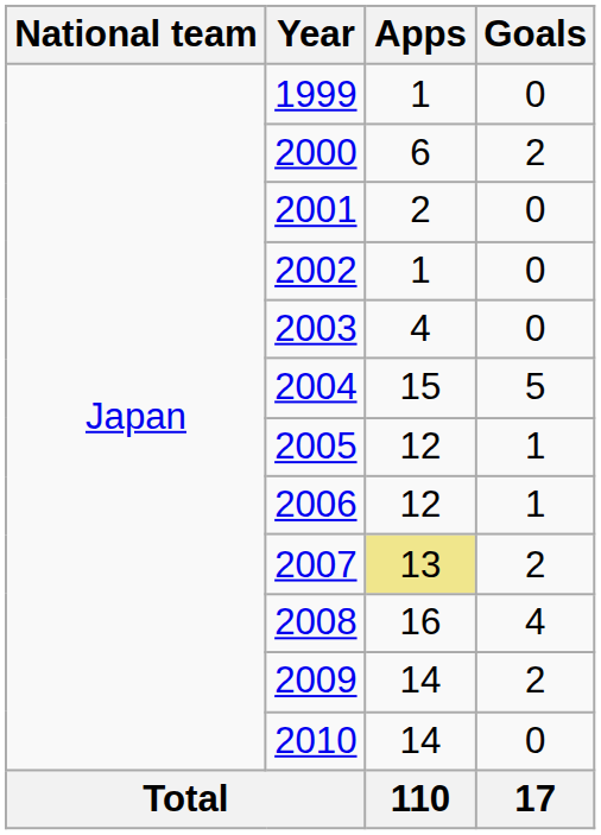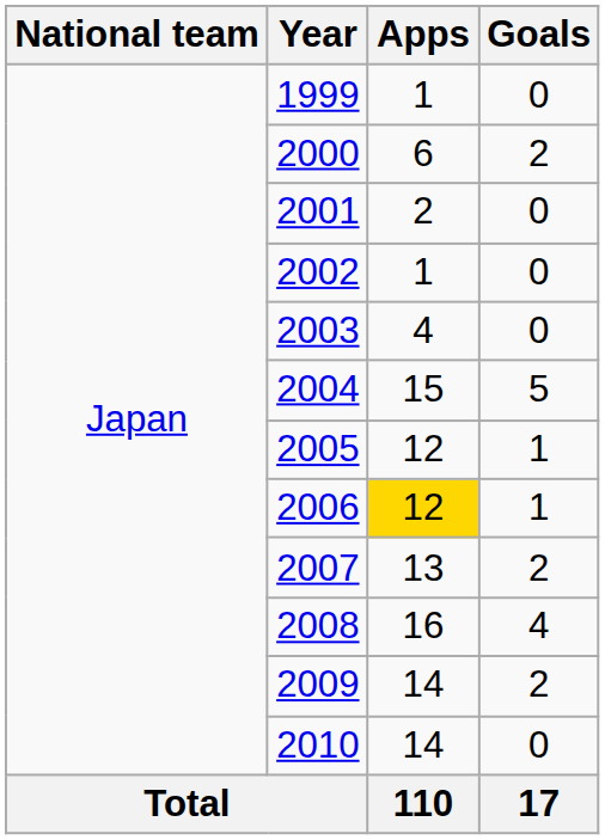 <table class="wikitable" style="text-align:center">
 <tr>
 <th>National team</th>
 <th>Year</th>
 <th>Apps</th>
 <th>Goals</th>
 </tr>
 <tr>
 <td rowspan="12"><a href='#'>Japan</a></td>
 <td><a href='#'>1999</a></td>
 <td>1</td>
 <td>0</td>
 </tr>
 <tr>
 <td><a href='#'>2000</a></td>
 <td>6</td>
 <td>2</td>
 </tr>
 <tr>
 <td><a href='#'>2001</a></td>
 <td>2</td>
 <td>0</td>
 </tr>
 <tr>
 <td><a href='#'>2002</a></td>
 <td>1</td>
 <td>0</td>
 </tr>
 <tr>
 <td><a href='#'>2003</a></td>
 <td>4</td>
 <td>0</td>
 </tr>
 <tr>
 <td><a href='#'>2004</a></td>
 <td>15</td>
 <td>5</td>
 </tr>
 <tr>
 <td><a href='#'>2005</a></td>
 <td>12</td>
 <td>1</td>
 </tr>
 <tr>
 <td><a href='#'>2006</a></td>
-<td>12</td>
+<td style="background: gold;">12</td>
 <td>1</td>
 </tr>
 <tr>
 <td><a href='#'>2007</a></td>
-<td style="background: khaki;">13</td>
+<td>13</td>
 <td>2</td>
 </tr>
 <tr>
 <td><a href='#'>2008</a></td>
 <td>16</td>
 <td>4</td>
 </tr>
 <tr>
 <td><a href='#'>2009</a></td>
 <td>14</td>
 <td>2</td>
 </tr>
 <tr>
 <td><a href='#'>2010</a></td>
 <td>14</td>
 <td>0</td>
 </tr>
 <tr>
 <th colspan="2">Total</th>
 <th>110</th>
 <th>17</th>
 </tr>
 </table>
